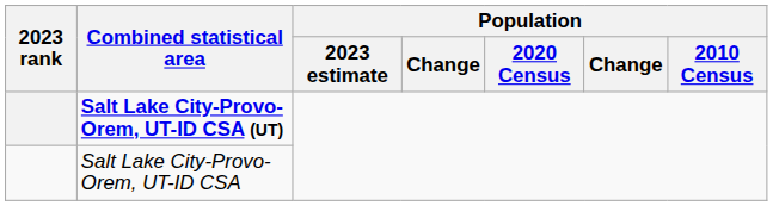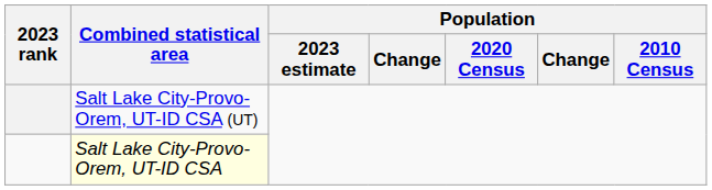 <table class="wikitable sortable">
 <tr>
 <th scope=col rowspan=2>2023 rank</th>
 <th scope=col rowspan=2><a href='#'>Combined statistical area</a></th>
 <th colspan=5>Population</th>
 </tr>
 <tr>
 <th scope=col>2023 estimate</th>
 <th scope=col>Change</th>
 <th scope=col><a href='#'>2020 Census</a></th>
 <th scope=col>Change</th>
 <th scope=col><a href='#'>2010 Census</a></th>
 </tr>
 <tr>
 <th scope=row></th>
-<td><strong><a href='#'>Salt Lake City-Provo-Orem, UT-ID CSA</a> <small>(UT)</small><br></strong></td>
+<td><a href='#'>Salt Lake City-Provo-Orem, UT-ID CSA</a> <small>(UT)</small><br></td>
 </tr>
 <tr>
 <td></td>
-<td><em><span>Salt Lake City-Provo-Orem, UT-ID CSA</span></em><br></td>
+<td style="background: lightyellow;"><em><span>Salt Lake City-Provo-Orem, UT-ID CSA</span></em><br></td>
 </tr>
 </table>
